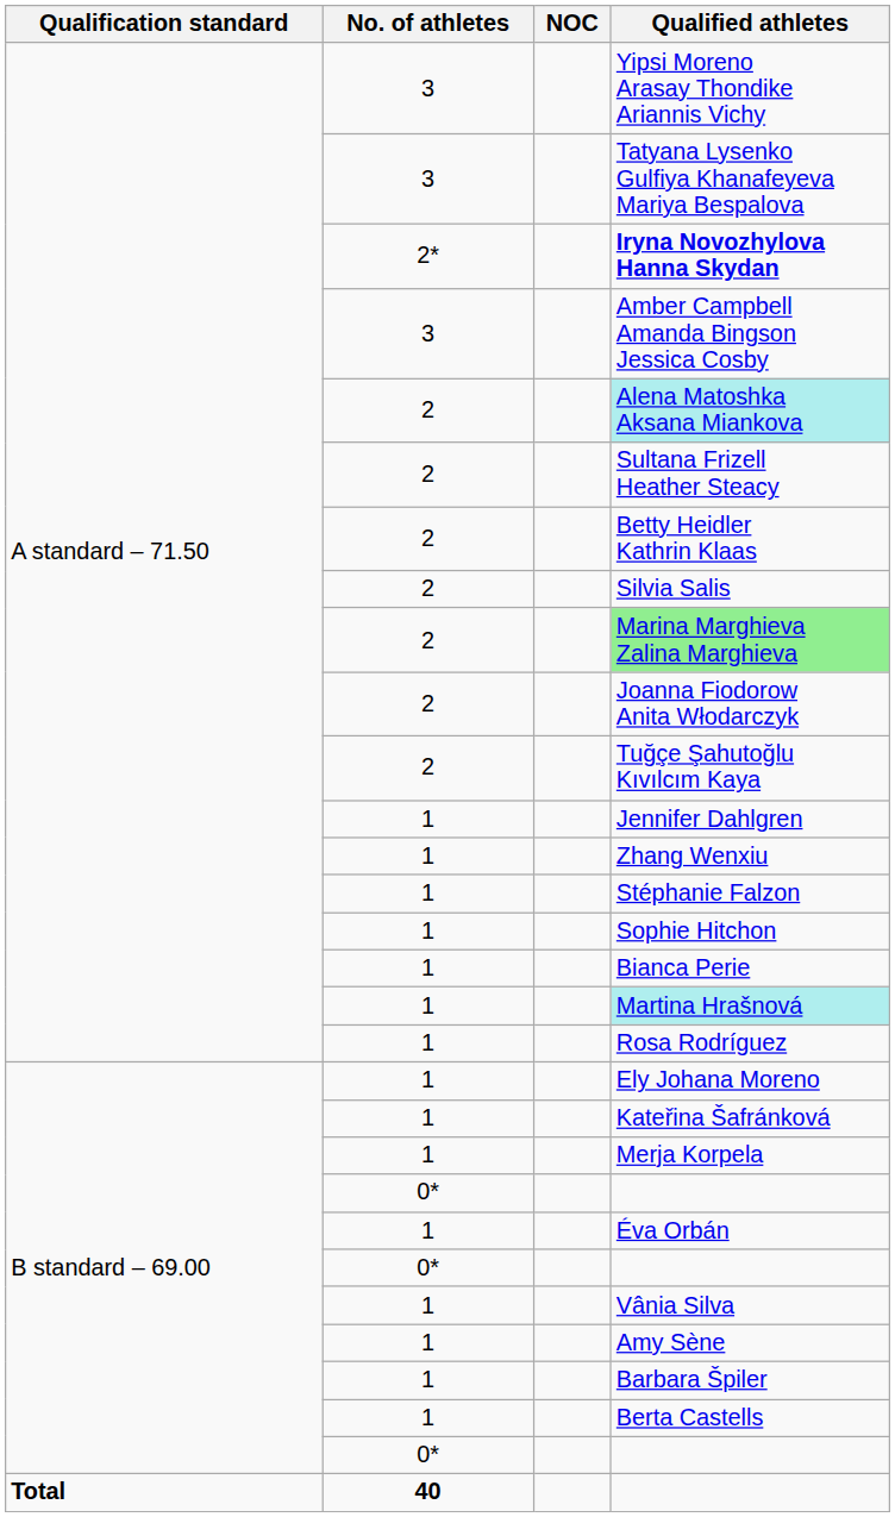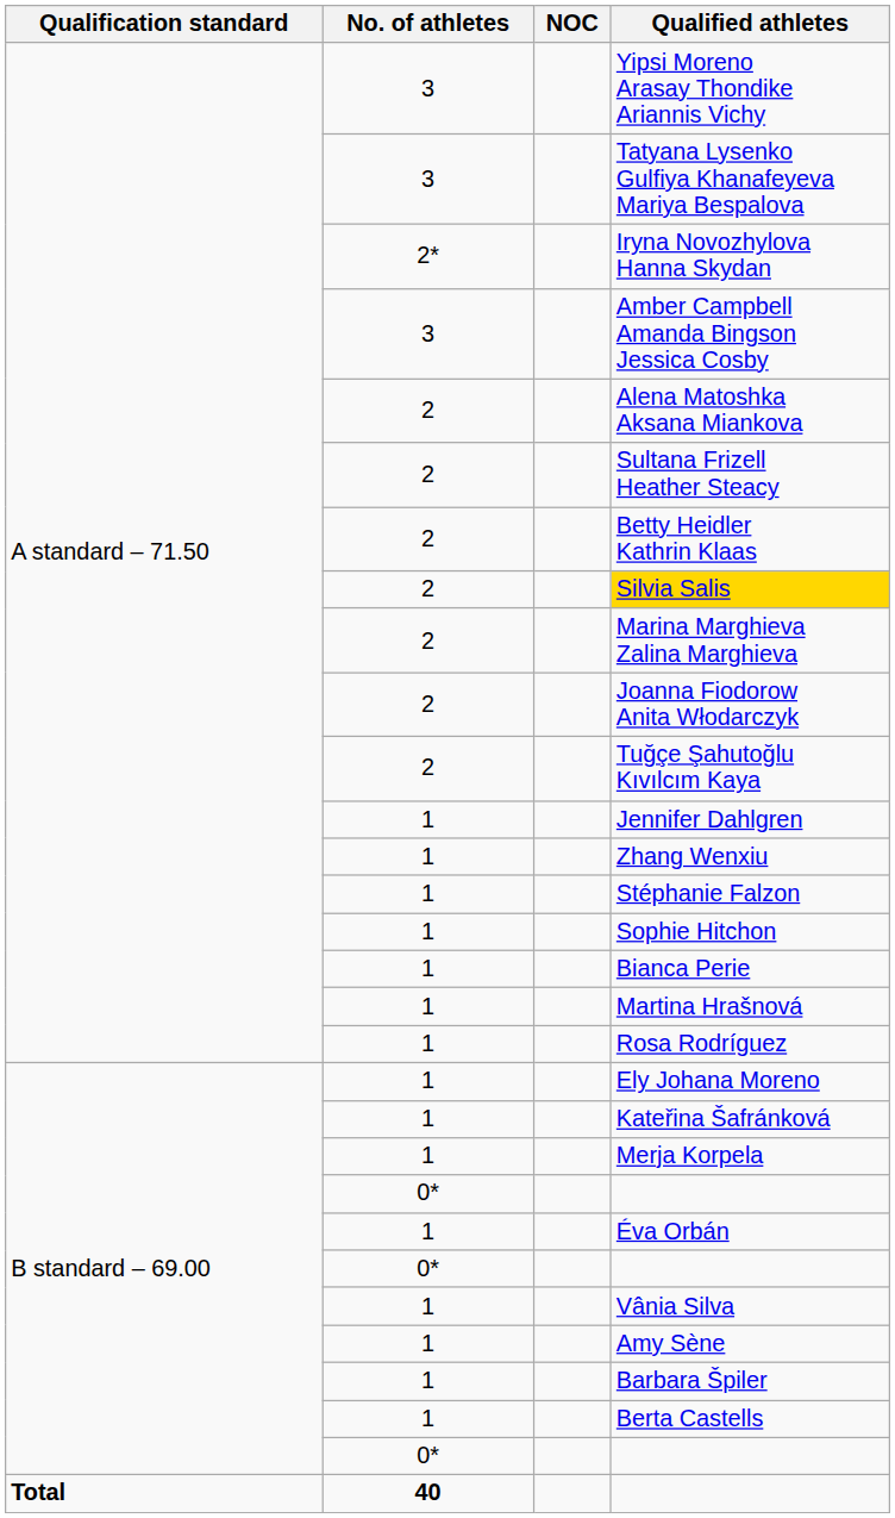 <table class="wikitable"  style="text-align:left; width:600px;">
 <tr>
 <th>Qualification standard</th>
 <th>No. of athletes</th>
 <th>NOC</th>
 <th>Qualified athletes</th>
 </tr>
 <tr>
 <td rowspan="18">A standard – 71.50</td>
 <td align=center>3</td>
 <td></td>
 <td><a href='#'>Yipsi Moreno</a><br><a href='#'>Arasay Thondike</a><br><a href='#'>Ariannis Vichy</a></td>
 </tr>
 <tr>
 <td align=center>3</td>
 <td></td>
 <td><a href='#'>Tatyana Lysenko</a><br><a href='#'>Gulfiya Khanafeyeva</a><br><a href='#'>Mariya Bespalova</a></td>
 </tr>
 <tr>
 <td align=center>2*</td>
 <td></td>
-<td><strong><a href='#'>Iryna Novozhylova</a><br><a href='#'>Hanna Skydan</a></strong></td>
+<td><a href='#'>Iryna Novozhylova</a><br><a href='#'>Hanna Skydan</a></td>
 </tr>
 <tr>
 <td align=center>3</td>
 <td></td>
 <td><a href='#'>Amber Campbell</a><br><a href='#'>Amanda Bingson</a><br><a href='#'>Jessica Cosby</a></td>
 </tr>
 <tr>
 <td align=center>2</td>
 <td></td>
-<td style="background: paleturquoise;"><a href='#'>Alena Matoshka</a><br><a href='#'>Aksana Miankova</a></td>
+<td><a href='#'>Alena Matoshka</a><br><a href='#'>Aksana Miankova</a></td>
 </tr>
 <tr>
 <td align=center>2</td>
 <td></td>
 <td><a href='#'>Sultana Frizell</a><br><a href='#'>Heather Steacy</a></td>
 </tr>
 <tr>
 <td align=center>2</td>
 <td></td>
 <td><a href='#'>Betty Heidler</a><br><a href='#'>Kathrin Klaas</a></td>
 </tr>
 <tr>
 <td align=center>2</td>
 <td></td>
-<td><a href='#'>Silvia Salis</a></td>
+<td style="background: gold;"><a href='#'>Silvia Salis</a></td>
 </tr>
 <tr>
 <td align=center>2</td>
 <td></td>
-<td style="background: lightgreen;"><a href='#'>Marina Marghieva</a><br><a href='#'>Zalina Marghieva</a></td>
+<td><a href='#'>Marina Marghieva</a><br><a href='#'>Zalina Marghieva</a></td>
 </tr>
 <tr>
 <td align=center>2</td>
 <td></td>
 <td><a href='#'>Joanna Fiodorow</a><br><a href='#'>Anita Włodarczyk</a></td>
 </tr>
 <tr>
 <td align=center>2</td>
 <td></td>
 <td><a href='#'>Tuğçe Şahutoğlu</a><br><a href='#'>Kıvılcım Kaya</a></td>
 </tr>
 <tr>
 <td align=center>1</td>
 <td></td>
 <td><a href='#'>Jennifer Dahlgren</a></td>
 </tr>
 <tr>
 <td align=center>1</td>
 <td></td>
 <td><a href='#'>Zhang Wenxiu</a></td>
 </tr>
 <tr>
 <td align=center>1</td>
 <td></td>
 <td><a href='#'>Stéphanie Falzon</a></td>
 </tr>
 <tr>
 <td align=center>1</td>
 <td></td>
 <td><a href='#'>Sophie Hitchon</a></td>
 </tr>
 <tr>
 <td align=center>1</td>
 <td></td>
 <td><a href='#'>Bianca Perie</a></td>
 </tr>
 <tr>
 <td align=center>1</td>
 <td></td>
-<td style="background: paleturquoise;"><a href='#'>Martina Hrašnová</a></td>
+<td><a href='#'>Martina Hrašnová</a></td>
 </tr>
 <tr>
 <td align=center>1</td>
 <td></td>
 <td><a href='#'>Rosa Rodríguez</a></td>
 </tr>
 <tr>
 <td rowspan="11">B standard – 69.00</td>
 <td align=center>1</td>
 <td></td>
 <td><a href='#'>Ely Johana Moreno</a></td>
 </tr>
 <tr>
 <td align=center>1</td>
 <td></td>
 <td><a href='#'>Kateřina Šafránková</a></td>
 </tr>
 <tr>
 <td align=center>1</td>
 <td></td>
 <td><a href='#'>Merja Korpela</a></td>
 </tr>
 <tr>
 <td align=center>0*</td>
 <td><s></s></td>
 <td></td>
 </tr>
 <tr>
 <td align=center>1</td>
 <td></td>
 <td><a href='#'>Éva Orbán</a></td>
 </tr>
 <tr>
 <td align=center>0*</td>
 <td><s></s></td>
 <td></td>
 </tr>
 <tr>
 <td align=center>1</td>
 <td></td>
 <td><a href='#'>Vânia Silva</a></td>
 </tr>
 <tr>
 <td align=center>1</td>
 <td></td>
 <td><a href='#'>Amy Sène</a></td>
 </tr>
 <tr>
 <td align=center>1</td>
 <td></td>
 <td><a href='#'>Barbara Špiler</a></td>
 </tr>
 <tr>
 <td align=center>1</td>
 <td></td>
 <td><a href='#'>Berta Castells</a></td>
 </tr>
 <tr>
 <td align=center>0*</td>
 <td><s></s></td>
 <td></td>
 </tr>
 <tr>
 <td><strong>Total</strong></td>
 <td align=center><strong>40</strong></td>
 <td></td>
 <td></td>
 </tr>
 </table>
